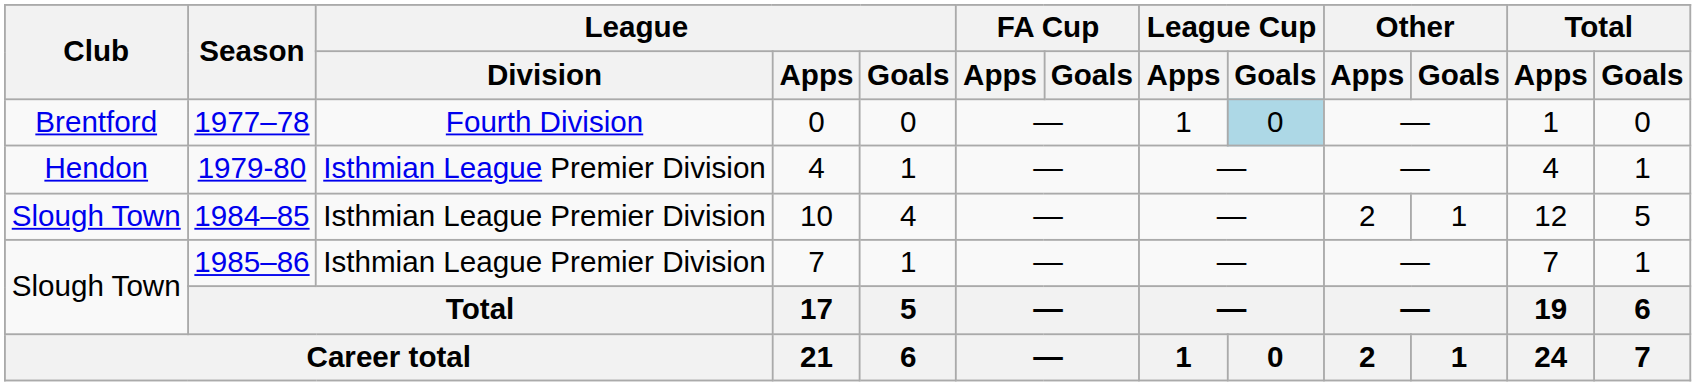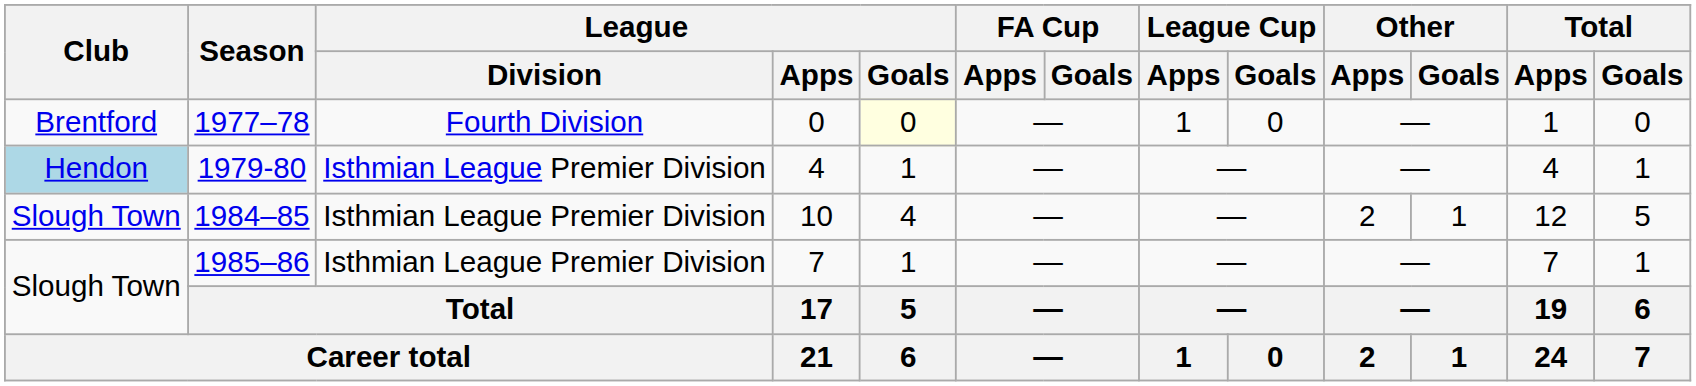 <table class="wikitable" style="text-align: center;">
 <tr>
 <th rowspan="2">Club</th>
 <th rowspan="2">Season</th>
 <th colspan="3">League</th>
 <th colspan="2">FA Cup</th>
 <th colspan="2">League Cup</th>
 <th colspan="2">Other</th>
 <th colspan="2">Total</th>
 </tr>
 <tr>
 <th>Division</th>
 <th>Apps</th>
 <th>Goals</th>
 <th>Apps</th>
 <th>Goals</th>
 <th>Apps</th>
 <th>Goals</th>
 <th>Apps</th>
 <th>Goals</th>
 <th>Apps</th>
 <th>Goals</th>
 </tr>
 <tr>
 <td><a href='#'>Brentford</a></td>
 <td><a href='#'>1977–78</a></td>
 <td><a href='#'>Fourth Division</a></td>
 <td>0</td>
-<td>0</td>
+<td style="background: lightyellow;">0</td>
 <td colspan="2">—</td>
 <td>1</td>
-<td style="background: lightblue;">0</td>
+<td>0</td>
 <td colspan="2">—</td>
 <td>1</td>
 <td>0</td>
 </tr>
 <tr>
-<td><a href='#'>Hendon</a></td>
+<td style="background: lightblue;"><a href='#'>Hendon</a></td>
 <td><a href='#'>1979-80</a></td>
 <td><a href='#'>Isthmian League</a> Premier Division</td>
 <td>4</td>
 <td>1</td>
 <td colspan="2">—</td>
 <td colspan="2">—</td>
 <td colspan="2">—</td>
 <td>4</td>
 <td>1</td>
 </tr>
 <tr>
 <td><a href='#'>Slough Town</a></td>
 <td><a href='#'>1984–85</a></td>
 <td>Isthmian League Premier Division</td>
 <td>10</td>
 <td>4</td>
 <td colspan="2">—</td>
 <td colspan="2">—</td>
 <td>2</td>
 <td>1</td>
 <td>12</td>
 <td>5</td>
 </tr>
 <tr>
 <td rowspan="2">Slough Town</td>
 <td><a href='#'>1985–86</a></td>
 <td>Isthmian League Premier Division</td>
 <td>7</td>
 <td>1</td>
 <td colspan="2">—</td>
 <td colspan="2">—</td>
 <td colspan="2">—</td>
 <td>7</td>
 <td>1</td>
 </tr>
 <tr>
 <th colspan="2">Total</th>
 <th>17</th>
 <th>5</th>
 <th colspan="2">—</th>
 <th colspan="2">—</th>
 <th colspan="2">—</th>
 <th>19</th>
 <th>6</th>
 </tr>
 <tr>
 <th colspan="3">Career total</th>
 <th>21</th>
 <th>6</th>
 <th colspan="2">—</th>
 <th>1</th>
 <th>0</th>
 <th>2</th>
 <th>1</th>
 <th>24</th>
 <th>7</th>
 </tr>
 </table>
